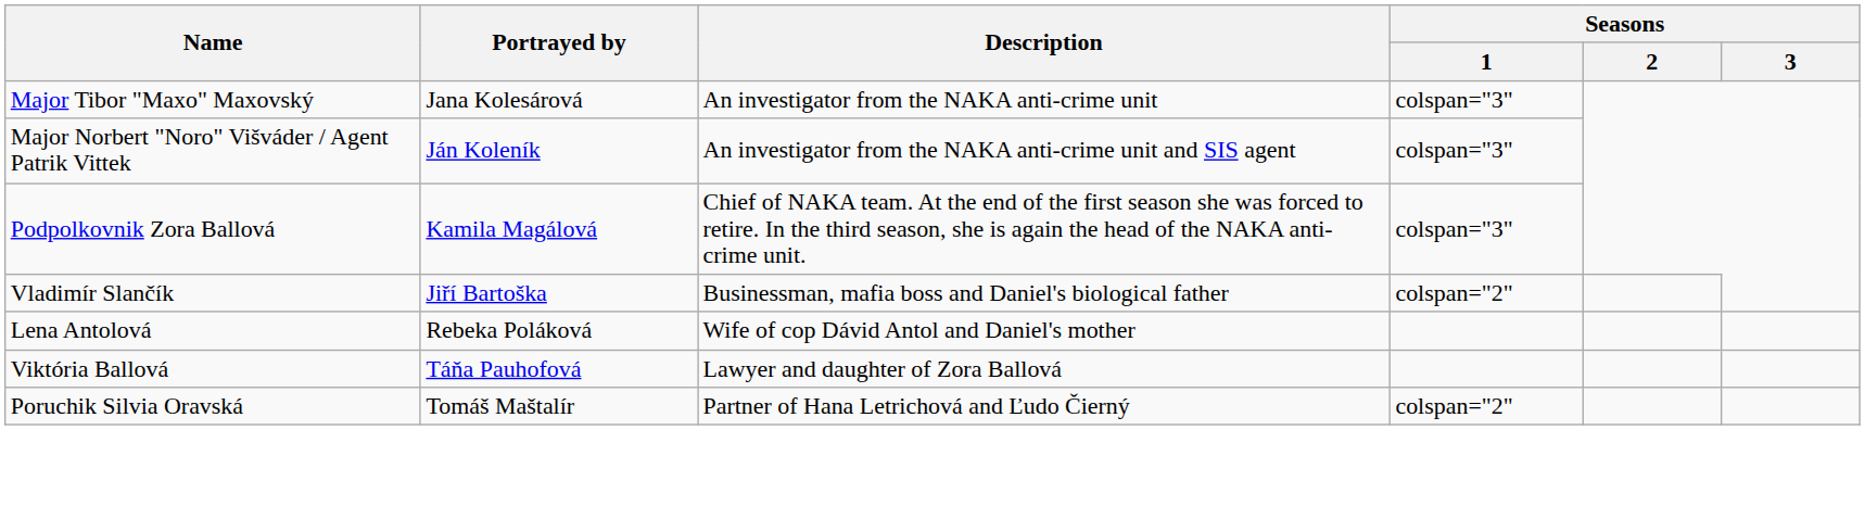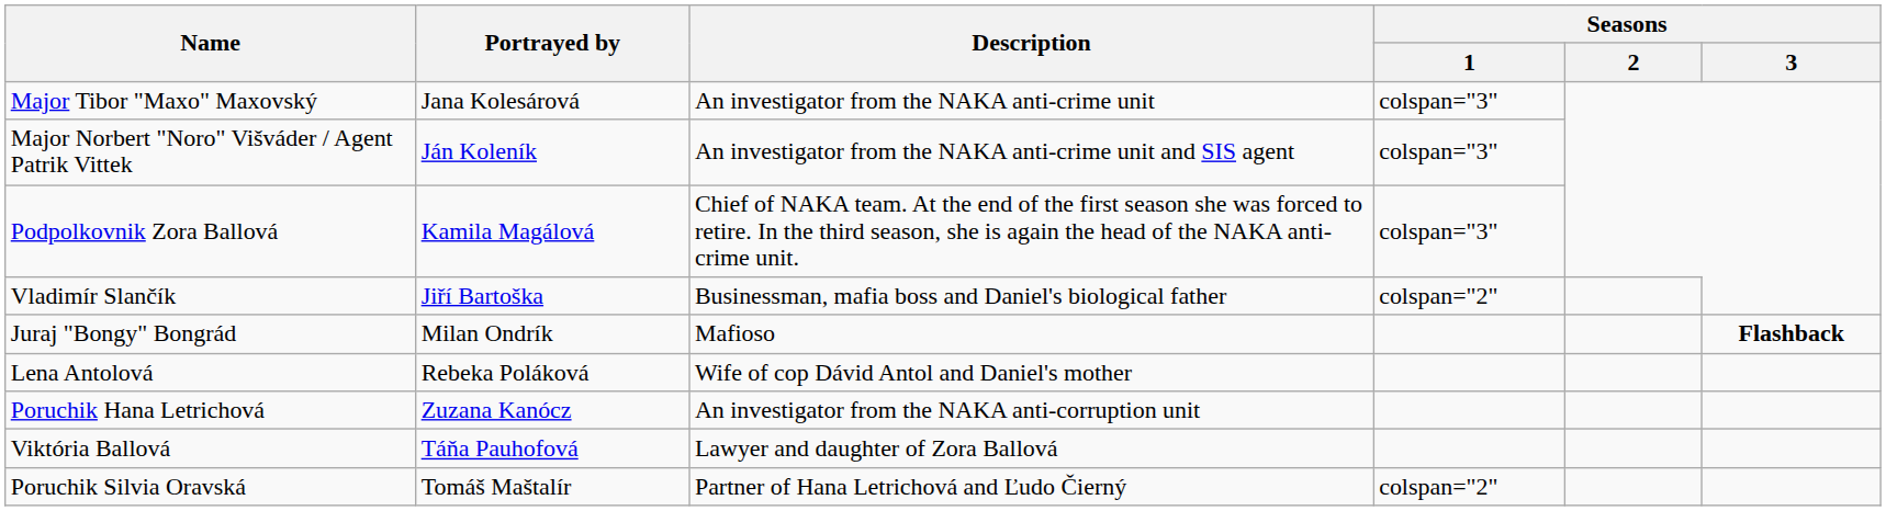 <table class="wikitable plainrowheaders">
 <tr>
 <th rowspan="2" scope="col" style="width:12%;">Name</th>
 <th rowspan="2" scope="col" style="width:8%;">Portrayed by</th>
 <th rowspan="2" scope="col" style="width:20%;">Description</th>
 <th colspan="3" scope="col" style="width:2%;">Seasons</th>
 </tr>
 <tr>
 <th scope="col" style="width:4%;">1</th>
 <th scope="col" style="width:4%;">2</th>
 <th scope="col" style="width:4%;">3</th>
 </tr>
 <tr>
 <td scope="row"><a href='#'>Major</a> Tibor "Maxo" Maxovský</td>
 <td>Jana Kolesárová</td>
 <td>An investigator from the NAKA anti-crime unit</td>
 <td>colspan="3" </td>
 </tr>
 <tr>
 <td scope="row">Major Norbert "Noro" Višváder / Agent Patrik Vittek</td>
 <td><a href='#'>Ján Koleník</a></td>
 <td>An investigator from the NAKA anti-crime unit and <a href='#'>SIS</a> agent</td>
 <td>colspan="3" </td>
 </tr>
 <tr>
 <td scope="row"><a href='#'>Podpolkovnik</a> Zora Ballová</td>
 <td><a href='#'>Kamila Magálová</a></td>
 <td>Chief of NAKA team. At the end of the first season she was forced to retire. In the third season, she is again the head of the NAKA anti-crime unit.</td>
 <td>colspan="3" </td>
 </tr>
 <tr>
 <td scope="row">Vladimír Slančík</td>
 <td><a href='#'>Jiří Bartoška</a></td>
 <td>Businessman, mafia boss and Daniel's biological father</td>
 <td>colspan="2" </td>
 <td></td>
 </tr>
 <tr>
+<td scope="row">Juraj "Bongy" Bongrád</td>
+<td>Milan Ondrík</td>
+<td>Mafioso</td>
+<td></td>
+<td></td>
+<td style="background:light yellow; text-align:center;"><strong>Flashback</strong></td>
+</tr>
+<tr>
 <td scope="row">Lena Antolová</td>
 <td>Rebeka Poláková</td>
 <td>Wife of cop Dávid Antol and Daniel's mother</td>
+<td></td>
+<td></td>
+<td></td>
+</tr>
+<tr>
+<td scope="row"><a href='#'>Poruchik</a> Hana Letrichová</td>
+<td><a href='#'>Zuzana Kanócz</a></td>
+<td>An investigator from the NAKA anti-corruption unit</td>
 <td></td>
 <td></td>
 <td></td>
 </tr>
 <tr>
 <td scope="row">Viktória Ballová</td>
 <td><a href='#'>Táňa Pauhofová</a></td>
 <td>Lawyer and daughter of Zora Ballová</td>
 <td></td>
 <td></td>
 <td></td>
 </tr>
 <tr>
 <td scope="row">Poruchik Silvia Oravská</td>
 <td>Tomáš Maštalír</td>
 <td>Partner of Hana Letrichová and Ľudo Čierný</td>
 <td>colspan="2" </td>
 <td></td>
 </tr>
 </table>
